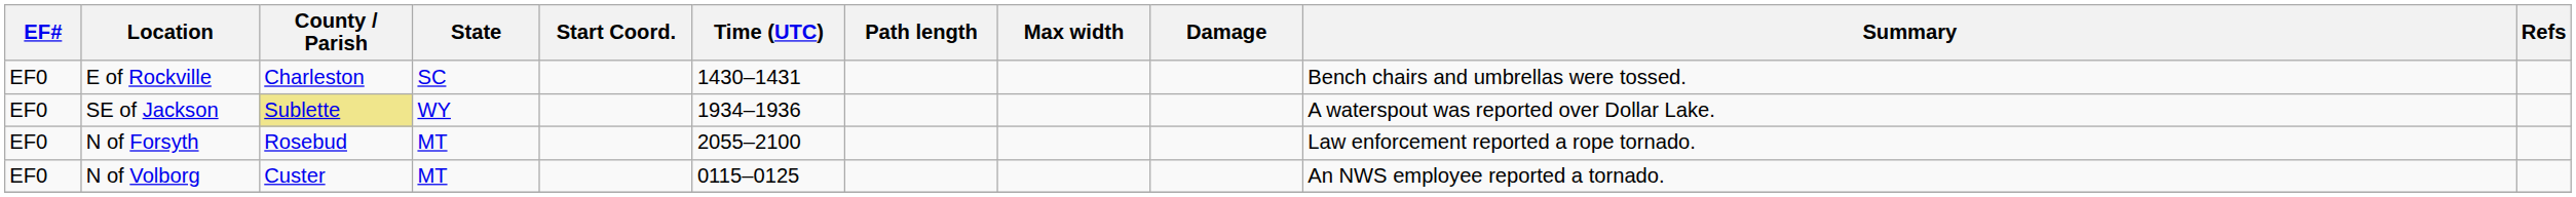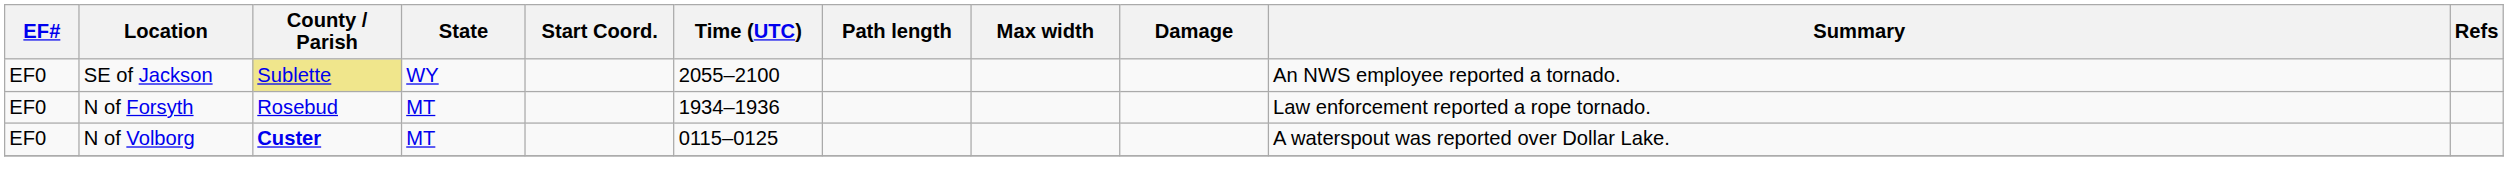 <table class="wikitable sortable" style="width:100%;">
 <tr>
 <th scope="col" width="3%" align="center"><a href='#'>EF#</a></th>
 <th scope="col" width="7%" align="center" class="unsortable">Location</th>
 <th scope="col" width="6%" align="center" class="unsortable">County / Parish</th>
 <th scope="col" width="5%" align="center">State</th>
 <th scope="col" width="6%" class="unsortable" align="center">Start Coord.</th>
 <th scope="col" width="6%" align="center">Time (<a href='#'>UTC</a>)</th>
 <th scope="col" width="6%" align="center">Path length</th>
 <th scope="col" width="6%" align="center">Max width</th>
 <th scope="col" width="6%" align="center">Damage</th>
 <th scope="col" width="48%" class="unsortable" align="center">Summary</th>
 <th scope="col" width="48%" class="unsortable" align="center">Refs</th>
 </tr>
 <tr>
 <td>EF0</td>
-<td>E of <a href='#'>Rockville</a></td>
-<td><a href='#'>Charleston</a></td>
-<td><a href='#'>SC</a></td>
-<td></td>
-<td>1430–1431</td>
-<td></td>
-<td></td>
-<td></td>
-<td>Bench chairs and umbrellas were tossed.</td>
-<td></td>
-</tr>
-<tr>
-<td>EF0</td>
 <td>SE of <a href='#'>Jackson</a></td>
 <td style="background: khaki;"><a href='#'>Sublette</a></td>
 <td><a href='#'>WY</a></td>
 <td></td>
-<td>1934–1936</td>
+<td>2055–2100</td>
 <td></td>
 <td></td>
 <td></td>
-<td>A waterspout was reported over Dollar Lake.</td>
+<td>An NWS employee reported a tornado.</td>
 <td></td>
 </tr>
 <tr>
 <td>EF0</td>
 <td>N of <a href='#'>Forsyth</a></td>
 <td><a href='#'>Rosebud</a></td>
 <td><a href='#'>MT</a></td>
 <td></td>
-<td>2055–2100</td>
+<td>1934–1936</td>
 <td></td>
 <td></td>
 <td></td>
 <td>Law enforcement reported a rope tornado.</td>
 <td></td>
 </tr>
 <tr>
 <td>EF0</td>
 <td>N of <a href='#'>Volborg</a></td>
-<td><a href='#'>Custer</a></td>
+<td><strong><a href='#'>Custer</a></strong></td>
 <td><a href='#'>MT</a></td>
 <td></td>
 <td>0115–0125</td>
 <td></td>
 <td></td>
 <td></td>
-<td>An NWS employee reported a tornado.</td>
+<td>A waterspout was reported over Dollar Lake.</td>
 <td></td>
 </tr>
 <tr>
 </tr>
 </table>
